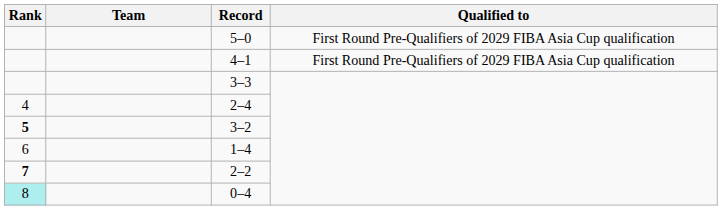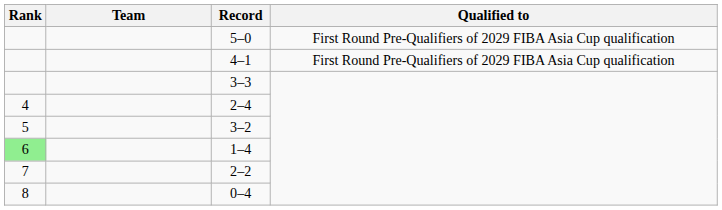 <table class="wikitable" style="text-align: center;">
 <tr>
 <th width=40>Rank</th>
 <th width=180>Team</th>
 <th width=60>Record</th>
 <th width=500>Qualified to</th>
 </tr>
 <tr>
 <td></td>
 <td align=left></td>
 <td>5–0</td>
 <td>First Round Pre-Qualifiers of 2029 FIBA Asia Cup qualification</td>
 </tr>
 <tr>
 <td></td>
 <td align=left></td>
 <td>4–1</td>
 <td>First Round Pre-Qualifiers of 2029 FIBA Asia Cup qualification</td>
 </tr>
 <tr>
 <td></td>
 <td align=left></td>
 <td>3–3</td>
 </tr>
 <tr>
 <td>4</td>
 <td align=left></td>
 <td>2–4</td>
 </tr>
 <tr>
-<td><strong>5</strong></td>
+<td>5</td>
 <td align=left></td>
 <td>3–2</td>
 </tr>
 <tr>
-<td>6</td>
+<td style="background: lightgreen;">6</td>
 <td align=left></td>
 <td>1–4</td>
 </tr>
 <tr>
-<td><strong>7</strong></td>
+<td>7</td>
 <td align=left></td>
 <td>2–2</td>
 </tr>
 <tr>
-<td style="background: paleturquoise;">8</td>
+<td>8</td>
 <td align=left></td>
 <td>0–4</td>
 </tr>
 </table>
